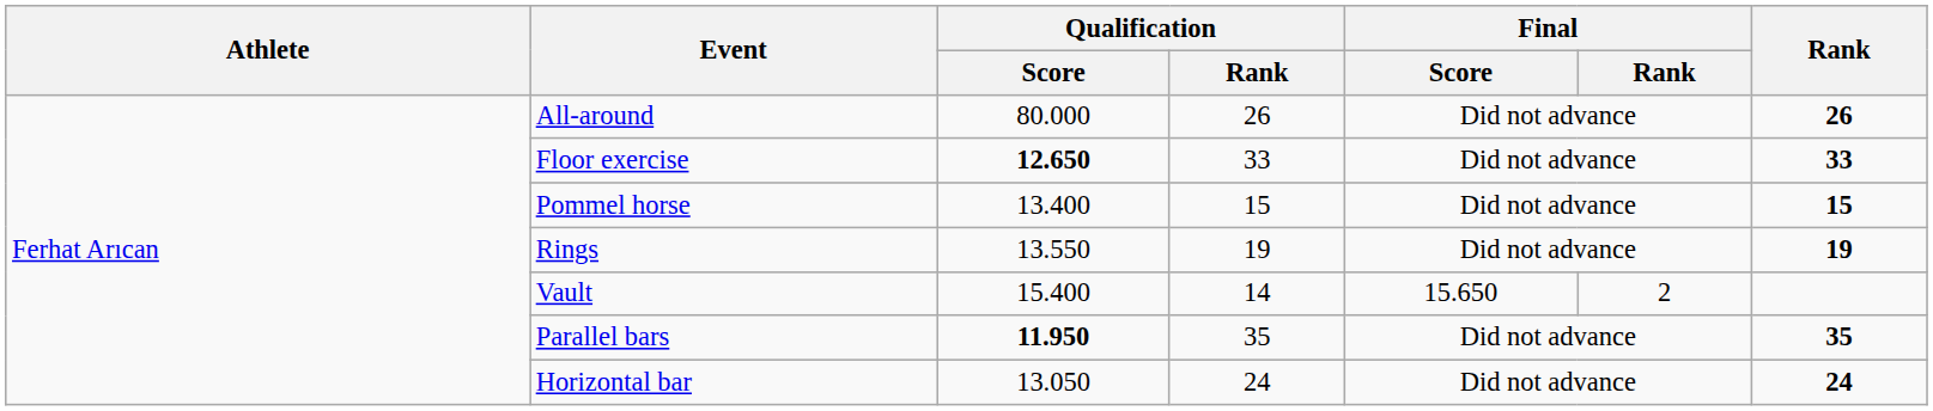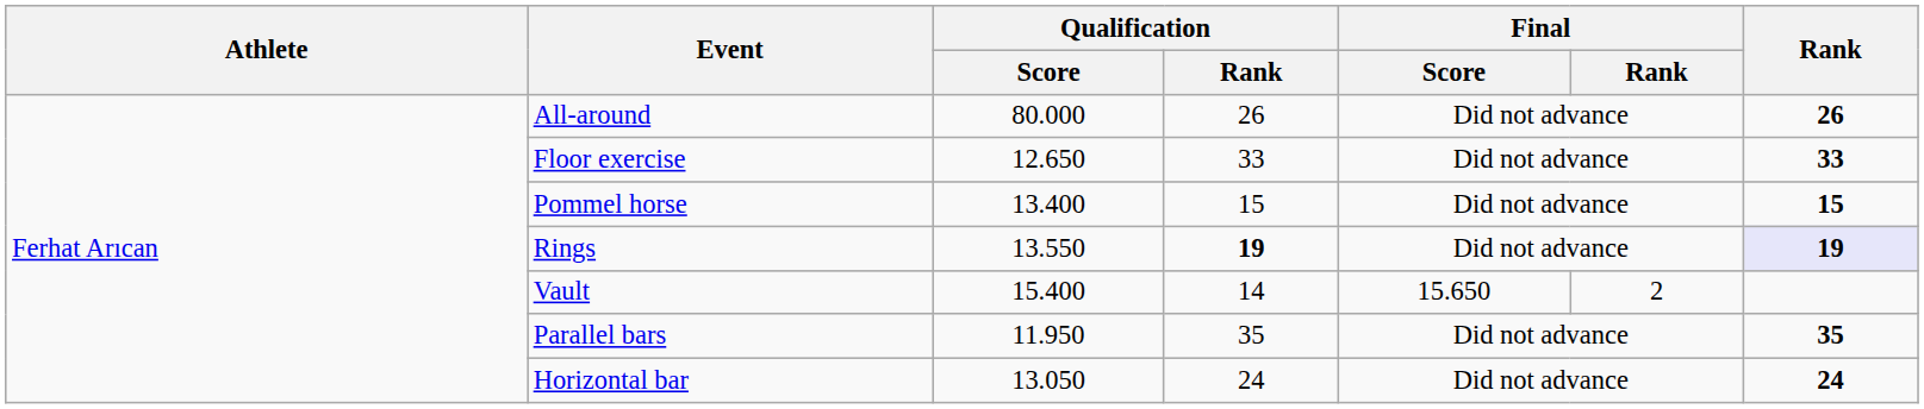 <table class="wikitable" width="65%" style="text-align:center; font-size:90%">
 <tr>
 <th rowspan="2" width="18%">Athlete</th>
 <th rowspan="2" width="14%">Event</th>
 <th colspan="2" width="14%">Qualification</th>
 <th colspan="2" width="14%">Final</th>
 <th rowspan="2" width="6%">Rank</th>
 </tr>
 <tr>
 <th width="8%">Score</th>
 <th>Rank</th>
 <th width="8%">Score</th>
 <th>Rank</th>
 </tr>
 <tr>
 <td rowspan=7 align="left"><a href='#'>Ferhat Arıcan</a></td>
 <td align="left"><a href='#'>All-around</a></td>
 <td>80.000</td>
 <td>26</td>
 <td colspan=2>Did not advance</td>
 <td><strong>26</strong></td>
 </tr>
 <tr>
 <td align="left"><a href='#'>Floor exercise</a></td>
-<td><strong>12.650</strong></td>
+<td>12.650</td>
 <td>33</td>
 <td colspan=2>Did not advance</td>
 <td><strong>33</strong></td>
 </tr>
 <tr>
 <td align="left"><a href='#'>Pommel horse</a></td>
 <td>13.400</td>
 <td>15</td>
 <td colspan=2>Did not advance</td>
 <td><strong>15</strong></td>
 </tr>
 <tr>
 <td align="left"><a href='#'>Rings</a></td>
 <td>13.550</td>
-<td>19</td>
+<td><strong>19</strong></td>
 <td colspan=2>Did not advance</td>
-<td><strong>19</strong></td>
+<td style="background: lavender;"><strong>19</strong></td>
 </tr>
 <tr>
 <td align="left"><a href='#'>Vault</a></td>
 <td>15.400</td>
 <td>14 <strong></strong></td>
 <td>15.650</td>
 <td>2</td>
 <td align=center></td>
 </tr>
 <tr>
 <td align="left"><a href='#'>Parallel bars</a></td>
-<td><strong>11.950</strong></td>
+<td>11.950</td>
 <td>35</td>
 <td colspan=2>Did not advance</td>
 <td><strong>35</strong></td>
 </tr>
 <tr>
 <td align="left"><a href='#'>Horizontal bar</a></td>
 <td>13.050</td>
 <td>24</td>
 <td colspan=2>Did not advance</td>
 <td><strong>24</strong></td>
 </tr>
 </table>
